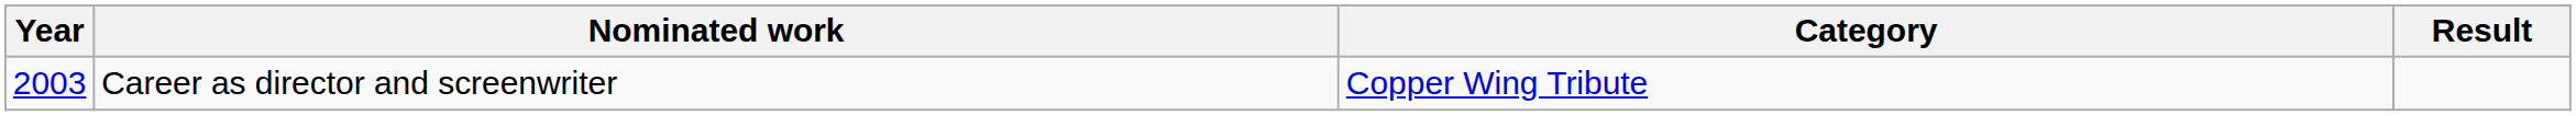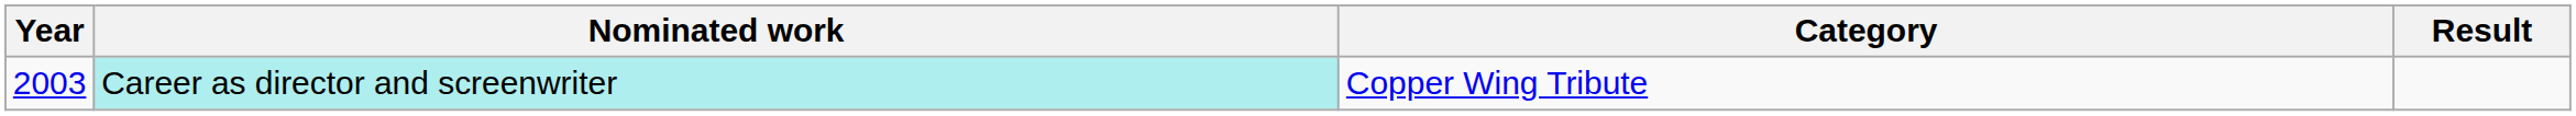 <table class="wikitable">
 <tr>
 <th scope="col" style="width:1em;">Year</th>
 <th scope="col" style="width:39em;">Nominated work</th>
 <th scope="col" style="width:33em;">Category</th>
 <th scope="col" style="width:5em;">Result</th>
 </tr>
 <tr>
 <td><a href='#'>2003</a></td>
-<td>Career as director and screenwriter</td>
+<td style="background: paleturquoise;">Career as director and screenwriter</td>
 <td><a href='#'>Copper Wing Tribute</a></td>
 <td></td>
 </tr>
 </table>
